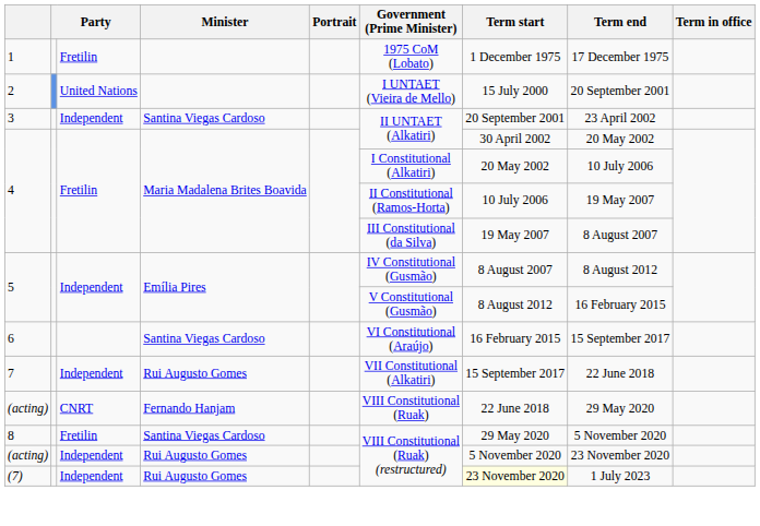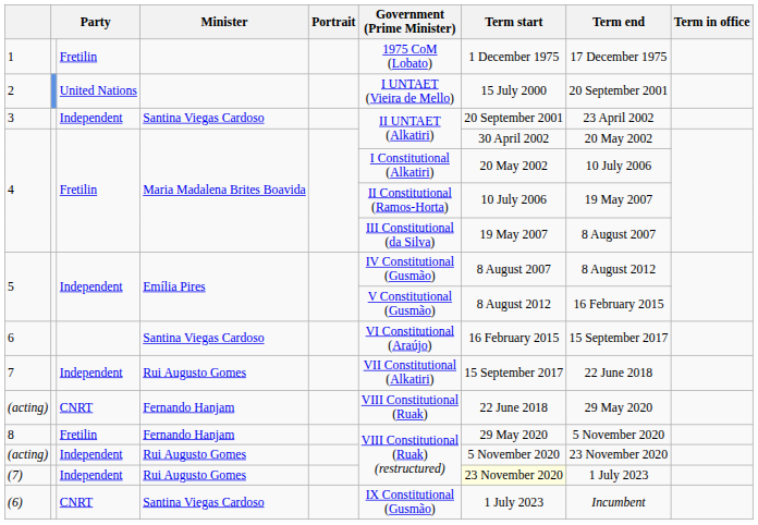 <table class="wikitable sortable">
 <tr>
 <th></th>
 <th colspan="2">Party</th>
 <th>Minister</th>
 <th>Portrait</th>
 <th>Government<br>(Prime Minister)</th>
 <th>Term start</th>
 <th>Term end</th>
 <th>Term in office</th>
 </tr>
 <tr>
 <td>1</td>
 <td style="background:"></td>
 <td><a href='#'>Fretilin</a></td>
 <td></td>
 <td></td>
 <td align=center><a href='#'>1975 CoM</a><br>(<a href='#'>Lobato</a>)</td>
 <td align=center>1 December 1975</td>
 <td align=center>17 December 1975</td>
 <td align=right></td>
 </tr>
 <tr>
 <td>2</td>
 <td style="background:#5b92e5"></td>
 <td><a href='#'>United Nations</a></td>
 <td></td>
 <td></td>
 <td align=center><a href='#'>I UNTAET</a><br>(<a href='#'>Vieira de Mello</a>)</td>
 <td align=center>15 July 2000</td>
 <td align=center>20 September 2001</td>
 <td align=right></td>
 </tr>
 <tr>
 <td>3</td>
 <td style="background:"></td>
 <td><a href='#'>Independent</a></td>
 <td><a href='#'>Santina Viegas Cardoso</a></td>
 <td></td>
 <td rowspan=2 align=center><a href='#'>II UNTAET</a><br>(<a href='#'>Alkatiri</a>)</td>
 <td align=center>20 September 2001</td>
 <td align=center>23 April 2002</td>
 <td align=right></td>
 </tr>
 <tr>
 <td rowspan=4>4</td>
 <td rowspan=4 style="background:"></td>
 <td rowspan=4><a href='#'>Fretilin</a></td>
 <td rowspan=4><a href='#'>Maria Madalena Brites Boavida</a></td>
 <td rowspan=4></td>
 <td align=center>30 April 2002</td>
 <td align=center>20 May 2002</td>
 <td rowspan=4 align=right></td>
 </tr>
 <tr>
 <td align=center><a href='#'>I Constitutional</a><br>(<a href='#'>Alkatiri</a>)</td>
 <td align=center>20 May 2002</td>
 <td align=center>10 July 2006</td>
 </tr>
 <tr>
 <td align=center><a href='#'>II Constitutional</a><br>(<a href='#'>Ramos-Horta</a>)</td>
 <td align=center>10 July 2006</td>
 <td align=center>19 May 2007</td>
 </tr>
 <tr>
 <td align=center><a href='#'>III Constitutional</a><br>(<a href='#'>da Silva</a>)</td>
 <td align=center>19 May 2007</td>
 <td align=center>8 August 2007</td>
 </tr>
 <tr>
 <td rowspan=2>5</td>
 <td rowspan=2 style="background:"></td>
 <td rowspan=2><a href='#'>Independent</a></td>
 <td rowspan=2><a href='#'>Emília Pires</a></td>
 <td rowspan=2></td>
 <td align=center><a href='#'>IV Constitutional</a><br>(<a href='#'>Gusmão</a>)</td>
 <td align=center>8 August 2007</td>
 <td align=center>8 August 2012</td>
 <td rowspan=2 align=right></td>
 </tr>
 <tr>
 <td align=center><a href='#'>V Constitutional</a><br>(<a href='#'>Gusmão</a>)</td>
 <td align=center>8 August 2012</td>
 <td align=center>16 February 2015</td>
 </tr>
 <tr>
 <td>6</td>
 <td></td>
 <td></td>
 <td><a href='#'>Santina Viegas Cardoso</a></td>
 <td></td>
 <td align=center><a href='#'>VI Constitutional</a><br>(<a href='#'>Araújo</a>)</td>
 <td align=center>16 February 2015</td>
 <td align=center>15 September 2017</td>
 <td align=right></td>
 </tr>
 <tr>
 <td>7</td>
 <td style="background:"></td>
 <td><a href='#'>Independent</a></td>
 <td><a href='#'>Rui Augusto Gomes</a></td>
 <td></td>
 <td align=center><a href='#'>VII Constitutional</a><br>(<a href='#'>Alkatiri</a>)</td>
 <td align=center>15 September 2017</td>
 <td align=center>22 June 2018</td>
 <td align=right></td>
 </tr>
 <tr>
 <td><em>(acting)</em></td>
 <td style="background:"></td>
 <td><a href='#'>CNRT</a></td>
 <td><a href='#'>Fernando Hanjam</a></td>
 <td></td>
 <td align=center><a href='#'>VIII Constitutional</a><br>(<a href='#'>Ruak</a>)</td>
 <td align=center>22 June 2018</td>
 <td align=center>29 May 2020</td>
 <td align=right></td>
 </tr>
 <tr>
 <td>8</td>
 <td style="background:"></td>
 <td><a href='#'>Fretilin</a></td>
-<td><a href='#'>Santina Viegas Cardoso</a></td>
+<td><a href='#'>Fernando Hanjam</a></td>
 <td></td>
 <td rowspan=3 align=center><a href='#'>VIII Constitutional</a><br>(<a href='#'>Ruak</a>)<br><em>(restructured)</em></td>
 <td align=center>29 May 2020</td>
 <td align=center>5 November 2020</td>
 <td align=right></td>
 </tr>
 <tr>
 <td><em>(acting)</em></td>
 <td style="background:"></td>
 <td><a href='#'>Independent</a></td>
 <td><a href='#'>Rui Augusto Gomes</a></td>
 <td></td>
 <td align=center>5 November 2020</td>
 <td align=center>23 November 2020</td>
 <td align=right></td>
 </tr>
 <tr>
 <td><em>(7)</em></td>
 <td style="background:"></td>
 <td><a href='#'>Independent</a></td>
 <td><a href='#'>Rui Augusto Gomes</a></td>
 <td></td>
 <td align=center style="background: lightyellow;">23 November 2020</td>
 <td align=center>1 July 2023</td>
 <td align=right></td>
 </tr>
+<tr>
+<td><em>(6)</em></td>
+<td style="background:"></td>
+<td><a href='#'>CNRT</a></td>
+<td><a href='#'>Santina Viegas Cardoso</a></td>
+<td></td>
+<td align=center><a href='#'>IX Constitutional</a><br>(<a href='#'>Gusmão</a>)</td>
+<td align=center>1 July 2023</td>
+<td align=center><em>Incumbent</em></td>
+<td align=right></td>
+</tr>
 </table>
